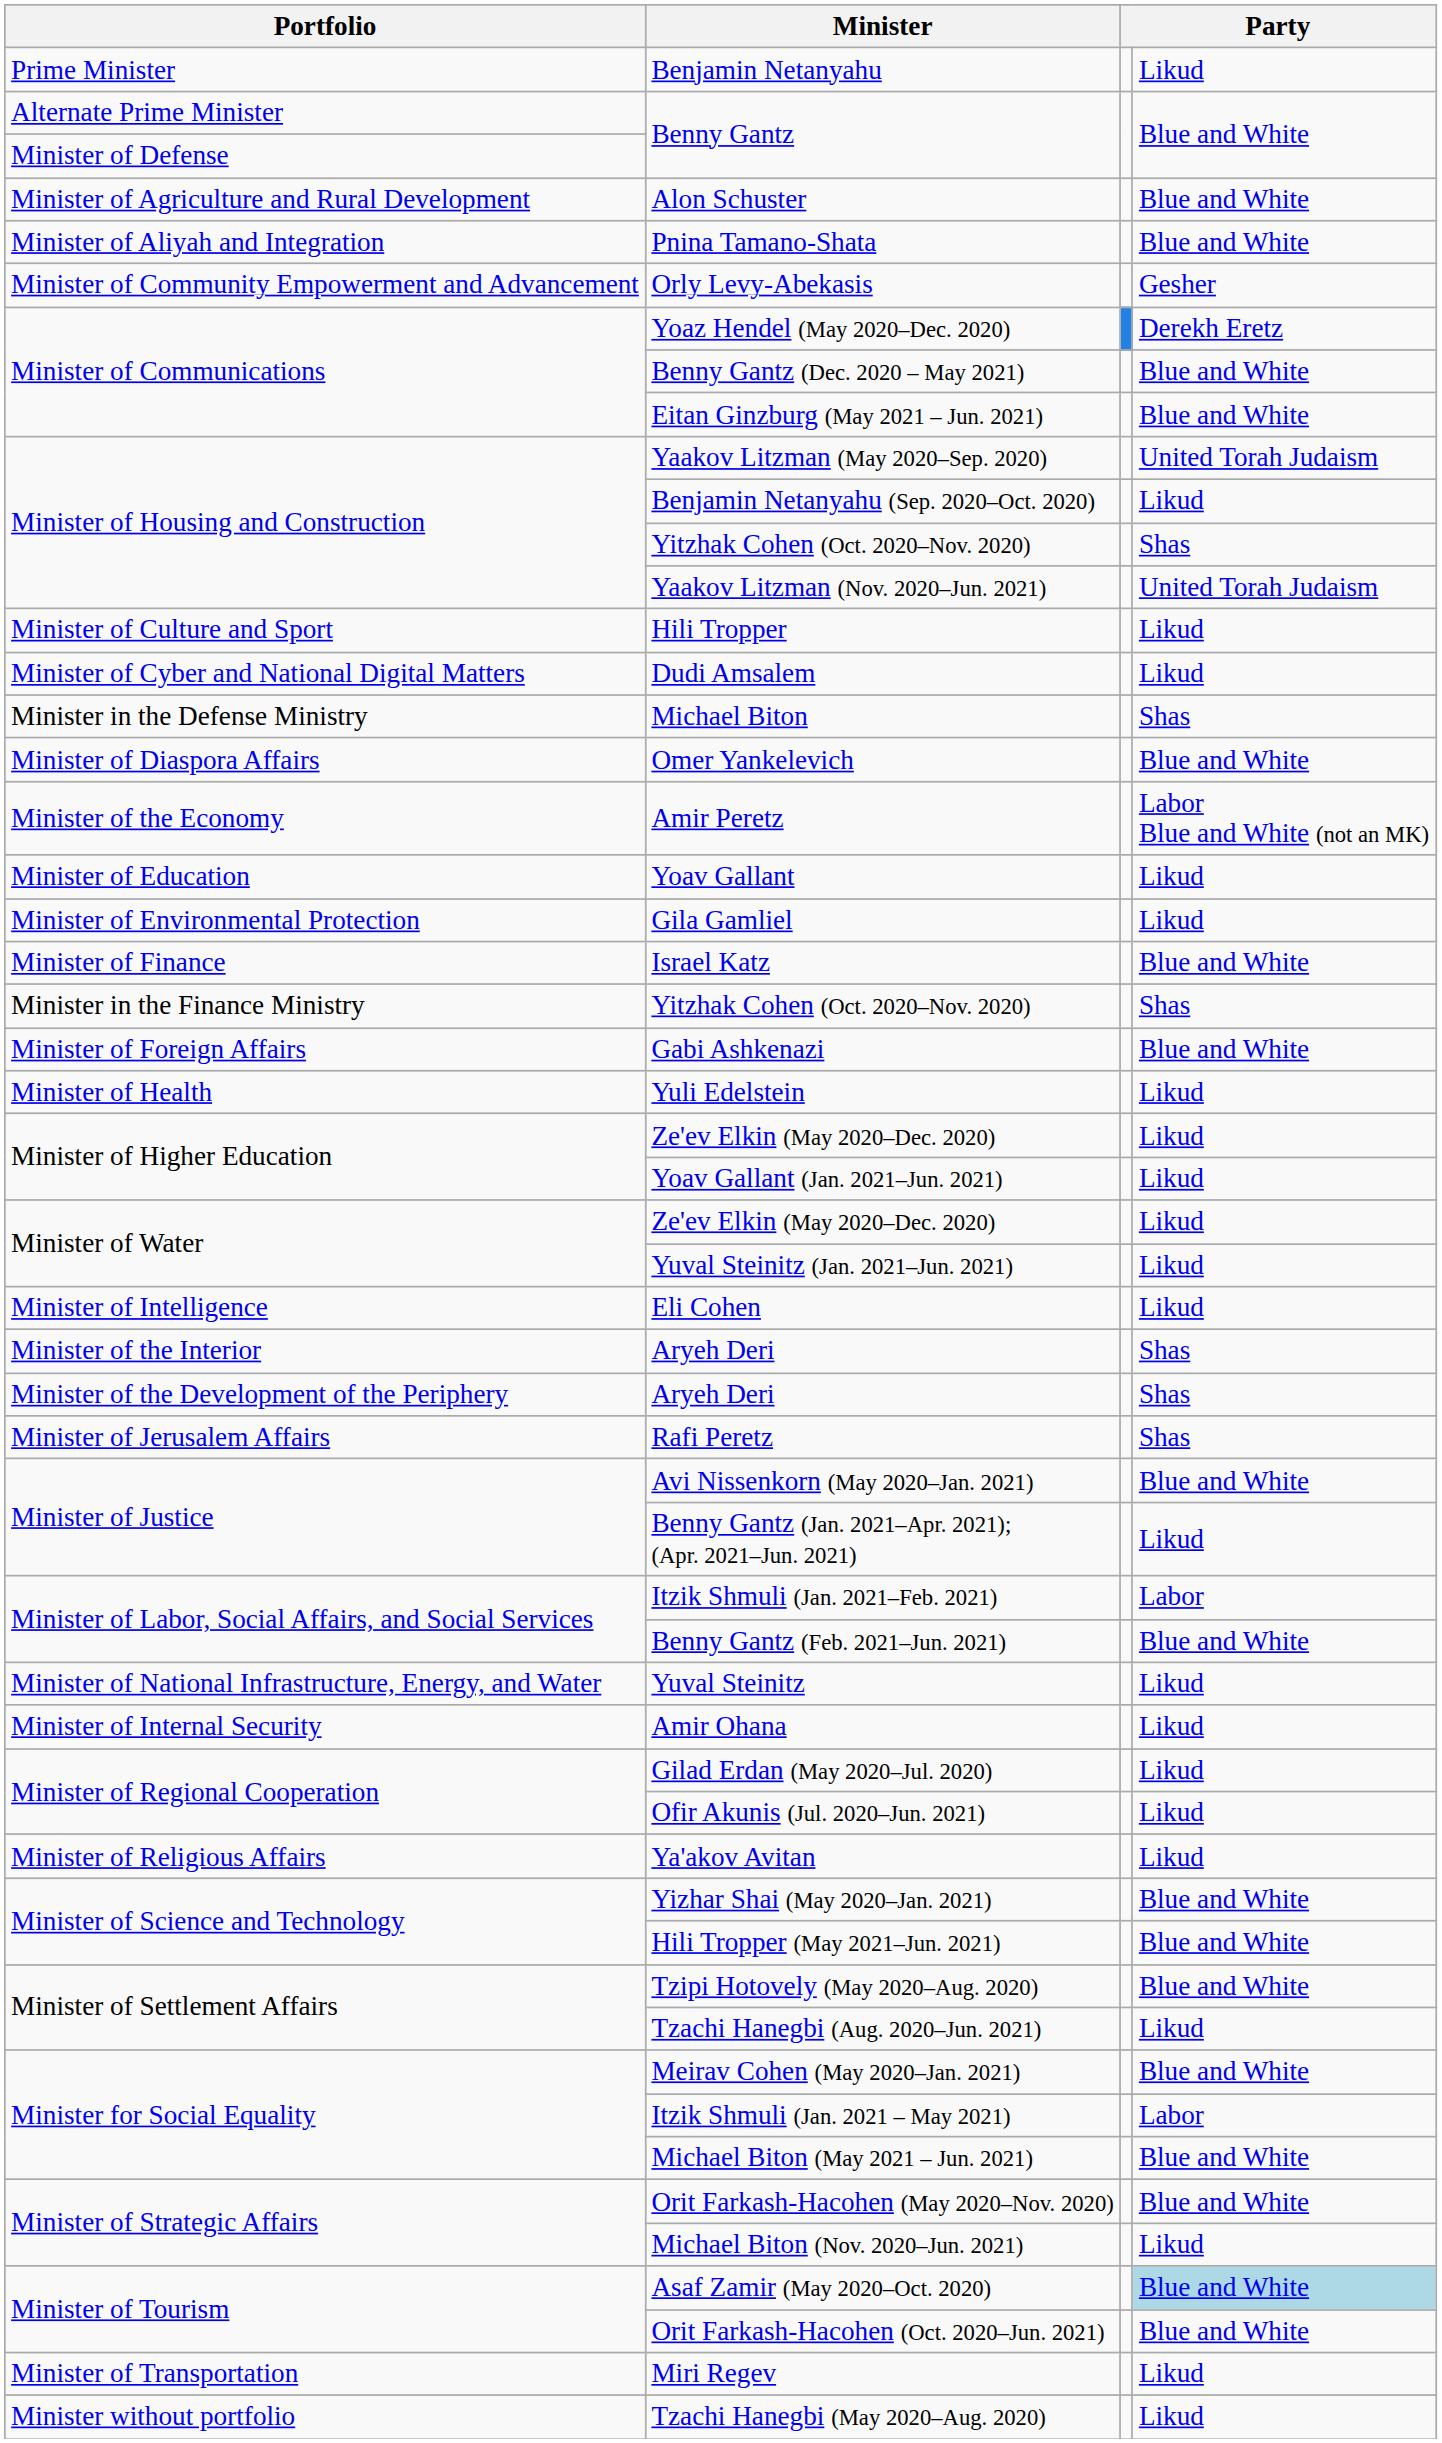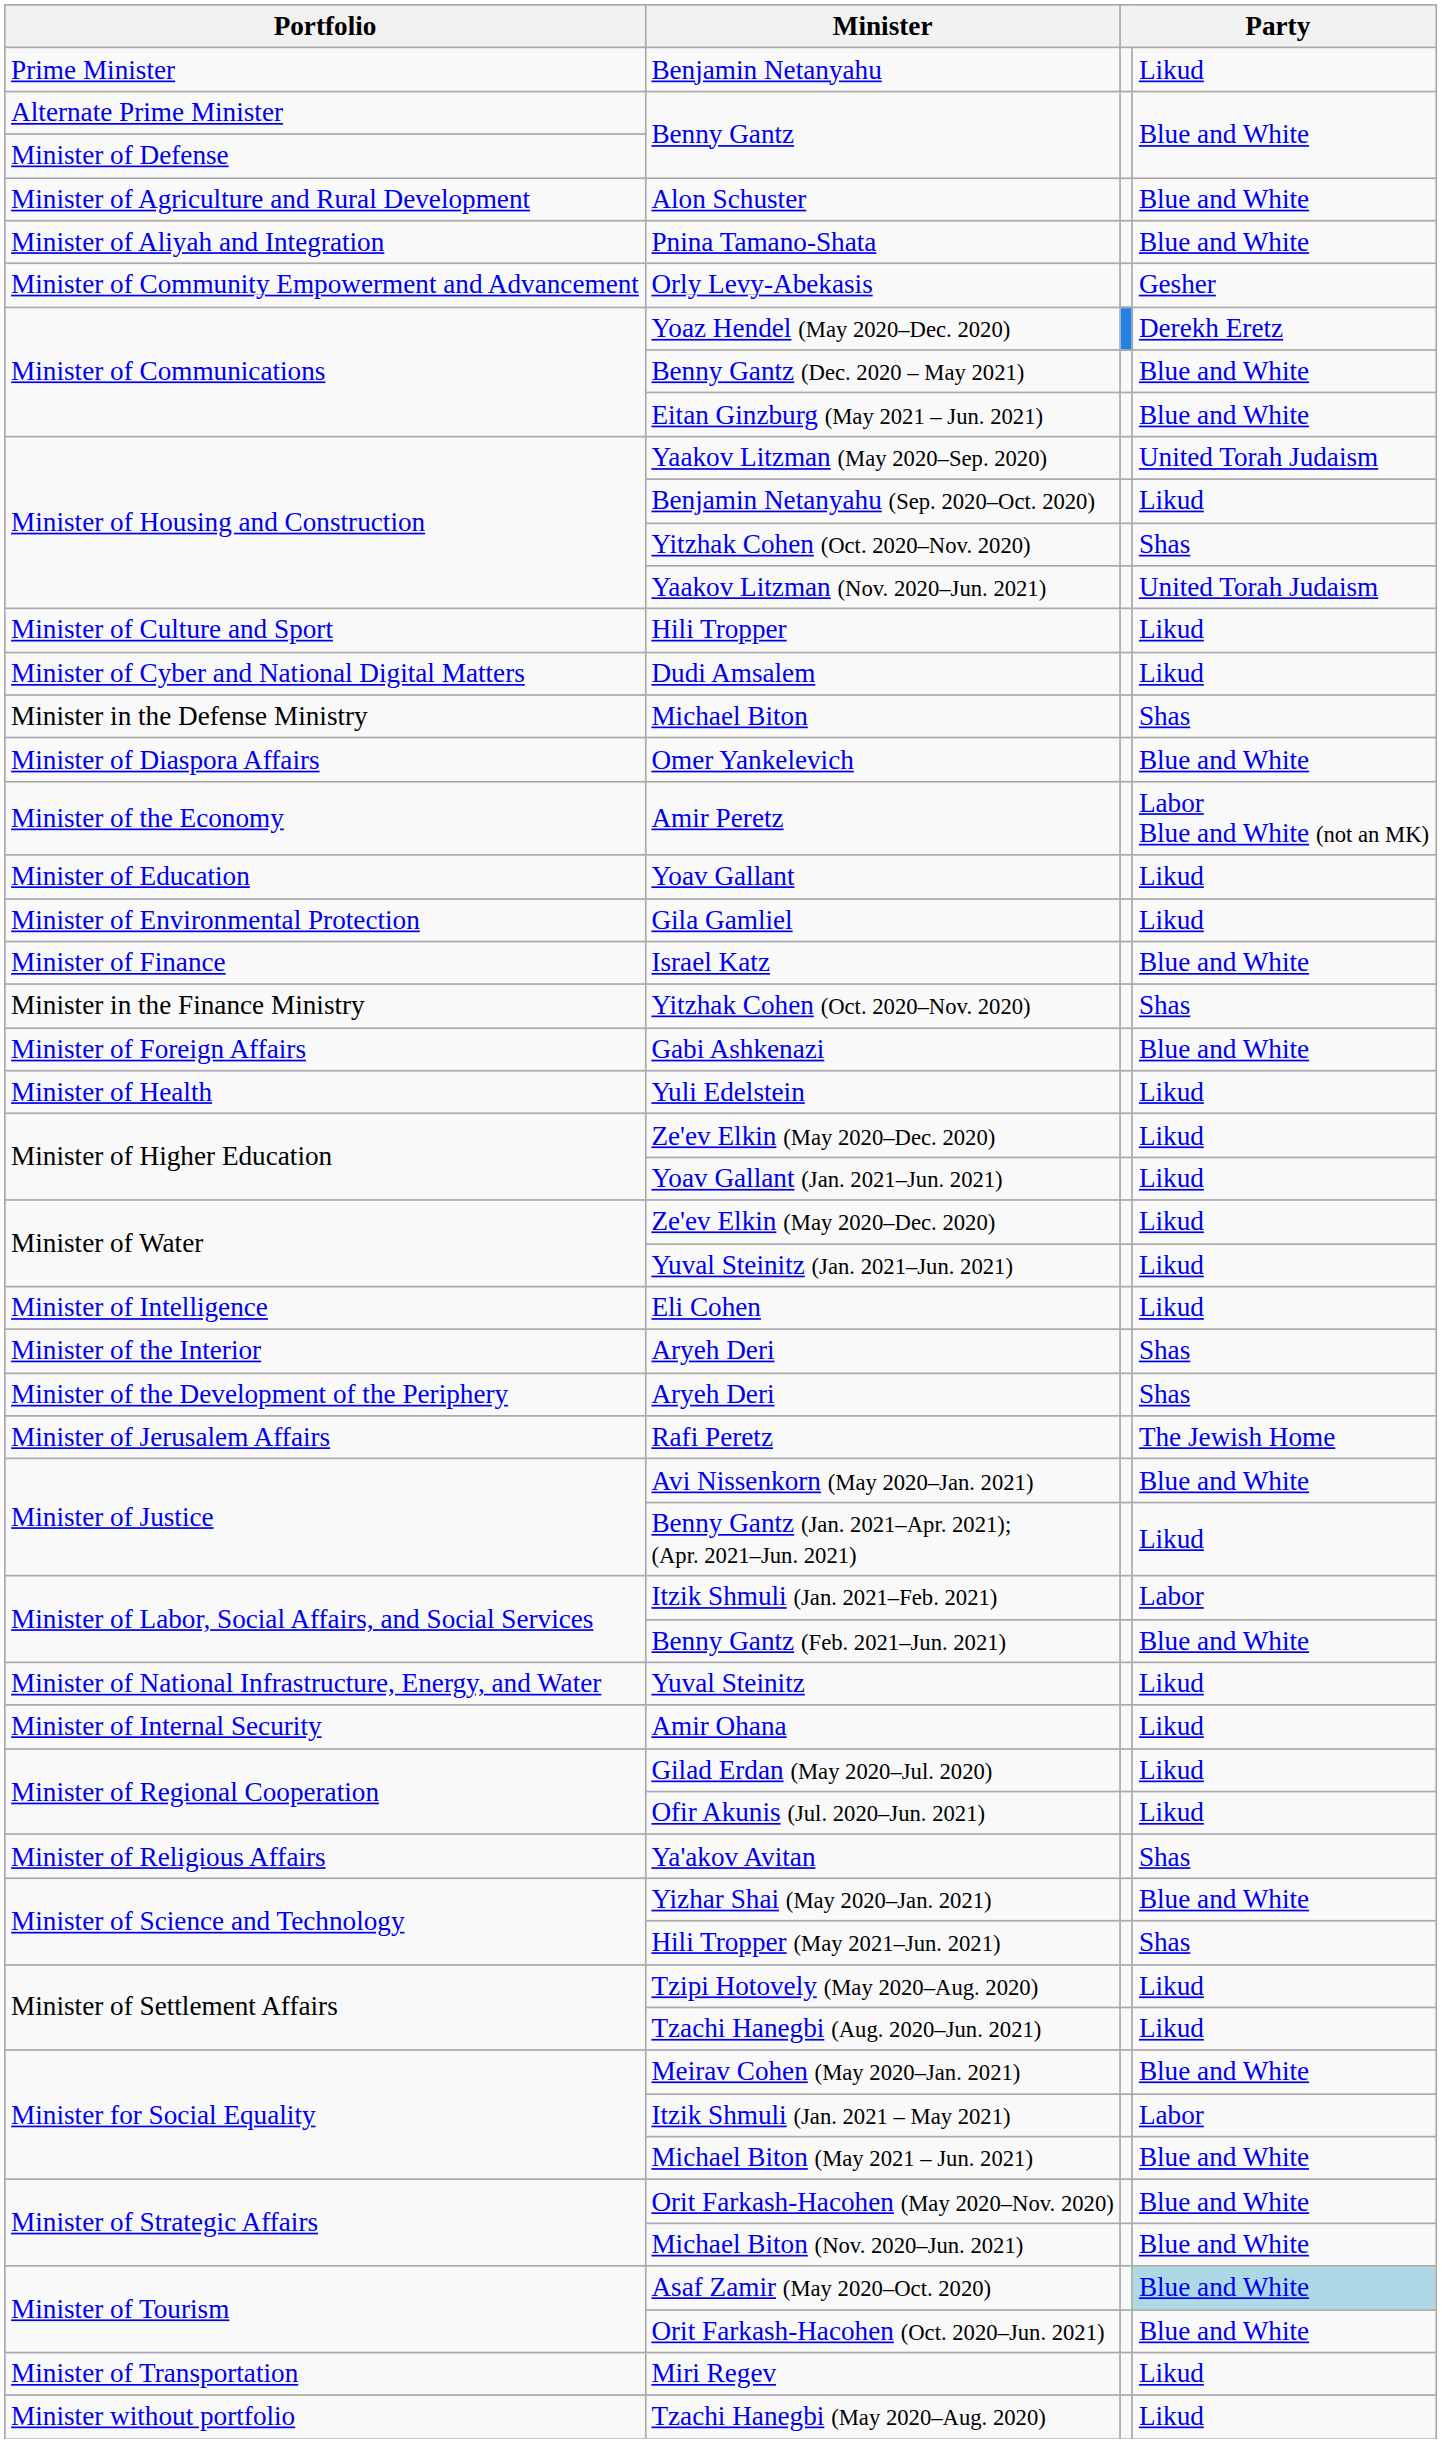 <table class="wikitable sortable">
 <tr>
 <th>Portfolio</th>
 <th>Minister</th>
 <th colspan=2>Party</th>
 </tr>
 <tr>
 <td><a href='#'>Prime Minister</a></td>
 <td><a href='#'>Benjamin Netanyahu</a></td>
 <td bgcolor=></td>
 <td><a href='#'>Likud</a></td>
 </tr>
 <tr>
 <td><a href='#'>Alternate Prime Minister</a></td>
 <td rowspan=2><a href='#'>Benny Gantz</a></td>
 <td rowspan=2 bgcolor=></td>
 <td rowspan=2><a href='#'>Blue and White</a></td>
 </tr>
 <tr>
 <td><a href='#'>Minister of Defense</a></td>
 </tr>
 <tr>
 <td><a href='#'>Minister of Agriculture and Rural Development</a></td>
 <td><a href='#'>Alon Schuster</a></td>
 <td bgcolor=></td>
 <td><a href='#'>Blue and White</a></td>
 </tr>
 <tr>
 <td><a href='#'>Minister of Aliyah and Integration</a></td>
 <td><a href='#'>Pnina Tamano-Shata</a></td>
 <td bgcolor=></td>
 <td><a href='#'>Blue and White</a></td>
 </tr>
 <tr>
 <td><a href='#'>Minister of Community Empowerment and Advancement</a></td>
 <td><a href='#'>Orly Levy-Abekasis</a></td>
 <td bgcolor=></td>
 <td><a href='#'>Gesher</a></td>
 </tr>
 <tr>
 <td rowspan="3"><a href='#'>Minister of Communications</a></td>
 <td><a href='#'>Yoaz Hendel</a> <small>(May 2020–Dec. 2020)</small></td>
 <td style="background:#2181E5;"></td>
 <td><a href='#'>Derekh Eretz</a></td>
 </tr>
 <tr>
 <td><a href='#'>Benny Gantz</a> <small>(Dec. 2020 – May 2021)</small></td>
 <td bgcolor=></td>
 <td><a href='#'>Blue and White</a></td>
 </tr>
 <tr>
 <td><a href='#'>Eitan Ginzburg</a> <small>(May 2021 – Jun. 2021)</small></td>
 <td bgcolor=></td>
 <td><a href='#'>Blue and White</a></td>
 </tr>
 <tr>
 <td rowspan="4"><a href='#'>Minister of Housing and Construction</a></td>
 <td><a href='#'>Yaakov Litzman</a> <small>(May 2020–Sep. 2020)</small></td>
 <td bgcolor=></td>
 <td><a href='#'>United Torah Judaism</a></td>
 </tr>
 <tr>
 <td><a href='#'>Benjamin Netanyahu</a> <small>(Sep. 2020–Oct. 2020)</small></td>
 <td bgcolor=></td>
 <td><a href='#'>Likud</a></td>
 </tr>
 <tr>
 <td><a href='#'>Yitzhak Cohen</a> <small>(Oct. 2020–Nov. 2020)</small></td>
 <td bgcolor=></td>
 <td><a href='#'>Shas</a></td>
 </tr>
 <tr>
 <td><a href='#'>Yaakov Litzman</a> <small>(Nov. 2020–Jun. 2021)</small></td>
 <td bgcolor=></td>
 <td><a href='#'>United Torah Judaism</a></td>
 </tr>
 <tr>
 <td><a href='#'>Minister of Culture and Sport</a></td>
 <td><a href='#'>Hili Tropper</a></td>
 <td bgcolor=></td>
 <td><a href='#'>Likud</a></td>
 </tr>
 <tr>
 <td><a href='#'>Minister of Cyber and National Digital Matters</a></td>
 <td><a href='#'>Dudi Amsalem</a></td>
 <td bgcolor=></td>
 <td><a href='#'>Likud</a></td>
 </tr>
 <tr>
 <td>Minister in the Defense Ministry</td>
 <td><a href='#'>Michael Biton</a></td>
 <td bgcolor=></td>
 <td><a href='#'>Shas</a></td>
 </tr>
 <tr>
 <td><a href='#'>Minister of Diaspora Affairs</a></td>
 <td><a href='#'>Omer Yankelevich</a></td>
 <td bgcolor=></td>
 <td><a href='#'>Blue and White</a></td>
 </tr>
 <tr>
 <td><a href='#'>Minister of the Economy</a></td>
 <td><a href='#'>Amir Peretz</a></td>
 <td bgcolor=></td>
 <td><a href='#'>Labor</a><br><a href='#'>Blue and White</a> <small>(not an MK)</small></td>
 </tr>
 <tr>
 <td><a href='#'>Minister of Education</a></td>
 <td><a href='#'>Yoav Gallant</a></td>
 <td bgcolor=></td>
 <td><a href='#'>Likud</a></td>
 </tr>
 <tr>
 <td><a href='#'>Minister of Environmental Protection</a></td>
 <td><a href='#'>Gila Gamliel</a></td>
 <td bgcolor=></td>
 <td><a href='#'>Likud</a></td>
 </tr>
 <tr>
 <td><a href='#'>Minister of Finance</a></td>
 <td><a href='#'>Israel Katz</a></td>
 <td bgcolor=></td>
 <td><a href='#'>Blue and White</a></td>
 </tr>
 <tr>
 <td>Minister in the Finance Ministry</td>
 <td><a href='#'>Yitzhak Cohen</a> <small>(Oct. 2020–Nov. 2020)</small></td>
 <td bgcolor=></td>
 <td><a href='#'>Shas</a></td>
 </tr>
 <tr>
 <td><a href='#'>Minister of Foreign Affairs</a></td>
 <td><a href='#'>Gabi Ashkenazi</a></td>
 <td bgcolor=></td>
 <td><a href='#'>Blue and White</a></td>
 </tr>
 <tr>
 <td><a href='#'>Minister of Health</a></td>
 <td><a href='#'>Yuli Edelstein</a></td>
 <td bgcolor=></td>
 <td><a href='#'>Likud</a></td>
 </tr>
 <tr>
 <td rowspan="2">Minister of Higher Education</td>
 <td><a href='#'>Ze'ev Elkin</a> <small>(May 2020–Dec. 2020)</small></td>
 <td bgcolor=></td>
 <td><a href='#'>Likud</a></td>
 </tr>
 <tr>
 <td><a href='#'>Yoav Gallant</a> <small>(Jan. 2021–Jun. 2021)</small></td>
 <td bgcolor=></td>
 <td><a href='#'>Likud</a></td>
 </tr>
 <tr>
 <td rowspan="2">Minister of Water</td>
 <td><a href='#'>Ze'ev Elkin</a> <small>(May 2020–Dec. 2020)</small></td>
 <td bgcolor=></td>
 <td><a href='#'>Likud</a></td>
 </tr>
 <tr>
 <td><a href='#'>Yuval Steinitz</a> <small>(Jan. 2021–Jun. 2021)</small></td>
 <td bgcolor=></td>
 <td><a href='#'>Likud</a></td>
 </tr>
 <tr>
 <td><a href='#'>Minister of Intelligence</a></td>
 <td><a href='#'>Eli Cohen</a></td>
 <td bgcolor=></td>
 <td><a href='#'>Likud</a></td>
 </tr>
 <tr>
 <td><a href='#'>Minister of the Interior</a></td>
 <td><a href='#'>Aryeh Deri</a></td>
 <td bgcolor=></td>
 <td><a href='#'>Shas</a></td>
 </tr>
 <tr>
 <td><a href='#'>Minister of the Development of the Periphery</a></td>
 <td><a href='#'>Aryeh Deri</a></td>
 <td bgcolor=></td>
 <td><a href='#'>Shas</a></td>
 </tr>
 <tr>
 <td><a href='#'>Minister of Jerusalem Affairs</a></td>
 <td><a href='#'>Rafi Peretz</a></td>
 <td bgcolor=></td>
-<td><a href='#'>Shas</a></td>
+<td><a href='#'>The Jewish Home</a></td>
 </tr>
 <tr>
 <td rowspan="2"><a href='#'>Minister of Justice</a></td>
 <td><a href='#'>Avi Nissenkorn</a> <small>(May 2020–Jan. 2021)</small></td>
 <td bgcolor=></td>
 <td><a href='#'>Blue and White</a></td>
 </tr>
 <tr>
 <td><a href='#'>Benny Gantz</a> <small>(Jan. 2021–Apr. 2021);<br>(Apr. 2021–Jun. 2021)</small></td>
 <td bgcolor=></td>
 <td><a href='#'>Likud</a></td>
 </tr>
 <tr>
 <td rowspan="2"><a href='#'>Minister of Labor, Social Affairs, and Social Services</a></td>
 <td><a href='#'>Itzik Shmuli</a> <small>(Jan. 2021–Feb. 2021)</small></td>
 <td bgcolor=></td>
 <td><a href='#'>Labor</a></td>
 </tr>
 <tr>
 <td><a href='#'>Benny Gantz</a> <small>(Feb. 2021–Jun. 2021)</small></td>
 <td bgcolor=></td>
 <td><a href='#'>Blue and White</a></td>
 </tr>
 <tr>
 <td><a href='#'>Minister of National Infrastructure, Energy, and Water</a></td>
 <td><a href='#'>Yuval Steinitz</a></td>
 <td bgcolor=></td>
 <td><a href='#'>Likud</a></td>
 </tr>
 <tr>
 <td><a href='#'>Minister of Internal Security</a></td>
 <td><a href='#'>Amir Ohana</a></td>
 <td bgcolor=></td>
 <td><a href='#'>Likud</a></td>
 </tr>
 <tr>
 <td rowspan="2"><a href='#'>Minister of Regional Cooperation</a></td>
 <td><a href='#'>Gilad Erdan</a> <small>(May 2020–Jul. 2020)</small></td>
 <td></td>
 <td><a href='#'>Likud</a></td>
 </tr>
 <tr>
 <td><a href='#'>Ofir Akunis</a> <small>(Jul. 2020–Jun. 2021)</small></td>
 <td></td>
 <td><a href='#'>Likud</a></td>
 </tr>
 <tr>
 <td><a href='#'>Minister of Religious Affairs</a></td>
 <td><a href='#'>Ya'akov Avitan</a></td>
 <td bgcolor=></td>
-<td><a href='#'>Likud</a></td>
+<td><a href='#'>Shas</a></td>
 </tr>
 <tr>
 <td rowspan="2"><a href='#'>Minister of Science and Technology</a></td>
 <td><a href='#'>Yizhar Shai</a> <small>(May 2020–Jan. 2021)</small></td>
 <td bgcolor=></td>
 <td><a href='#'>Blue and White</a></td>
 </tr>
 <tr>
 <td><a href='#'>Hili Tropper</a> <small>(May 2021–Jun. 2021)</small></td>
 <td bgcolor=></td>
-<td><a href='#'>Blue and White</a></td>
+<td><a href='#'>Shas</a></td>
 </tr>
 <tr>
 <td rowspan="2">Minister of Settlement Affairs</td>
 <td><a href='#'>Tzipi Hotovely</a> <small>(May 2020–Aug. 2020)</small></td>
 <td bgcolor=></td>
-<td><a href='#'>Blue and White</a></td>
+<td><a href='#'>Likud</a></td>
 </tr>
 <tr>
 <td><a href='#'>Tzachi Hanegbi</a> <small>(Aug. 2020–Jun. 2021)</small></td>
 <td bgcolor=></td>
 <td><a href='#'>Likud</a></td>
 </tr>
 <tr>
 <td rowspan="3"><a href='#'>Minister for Social Equality</a></td>
 <td><a href='#'>Meirav Cohen</a> <small>(May 2020–Jan. 2021)</small></td>
 <td bgcolor=></td>
 <td><a href='#'>Blue and White</a></td>
 </tr>
 <tr>
 <td><a href='#'>Itzik Shmuli</a> <small>(Jan. 2021 – May 2021)</small></td>
 <td bgcolor=></td>
 <td><a href='#'>Labor</a></td>
 </tr>
 <tr>
 <td><a href='#'>Michael Biton</a> <small>(May 2021 – Jun. 2021)</small></td>
 <td bgcolor=></td>
 <td><a href='#'>Blue and White</a></td>
 </tr>
 <tr>
 <td rowspan="2"><a href='#'>Minister of Strategic Affairs</a></td>
 <td><a href='#'>Orit Farkash-Hacohen</a> <small>(May 2020–Nov. 2020)</small></td>
 <td></td>
 <td><a href='#'>Blue and White</a></td>
 </tr>
 <tr>
 <td><a href='#'>Michael Biton</a> <small>(Nov. 2020–Jun. 2021)</small></td>
 <td bgcolor=></td>
-<td><a href='#'>Likud</a></td>
+<td><a href='#'>Blue and White</a></td>
 </tr>
 <tr>
 <td rowspan="2"><a href='#'>Minister of Tourism</a></td>
 <td><a href='#'>Asaf Zamir</a> <small>(May 2020–Oct. 2020)</small></td>
 <td bgcolor=></td>
 <td style="background: lightblue;"><a href='#'>Blue and White</a></td>
 </tr>
 <tr>
 <td><a href='#'>Orit Farkash-Hacohen</a> <small>(Oct. 2020–Jun. 2021)</small></td>
 <td bgcolor=></td>
 <td><a href='#'>Blue and White</a></td>
 </tr>
 <tr>
 <td><a href='#'>Minister of Transportation</a></td>
 <td><a href='#'>Miri Regev</a></td>
 <td bgcolor=></td>
 <td><a href='#'>Likud</a></td>
 </tr>
 <tr>
 <td><a href='#'>Minister without portfolio</a></td>
 <td><a href='#'>Tzachi Hanegbi</a> <small>(May 2020–Aug. 2020)</small></td>
 <td bgcolor=></td>
 <td><a href='#'>Likud</a></td>
 </tr>
 </table>
